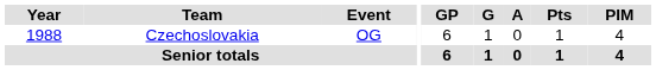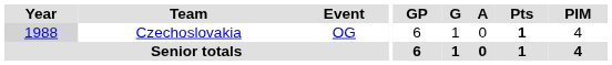 <table border="0" cellpadding="1" cellspacing="0" ID="Table3" style="text-align:center; width:40em">
 <tr ALIGN="center" bgcolor="#e0e0e0">
 <th>Year</th>
 <th>Team</th>
 <th>Event</th>
 <th rowspan="99" bgcolor="#ffffff"></th>
 <th>GP</th>
 <th>G</th>
 <th>A</th>
 <th>Pts</th>
 <th>PIM</th>
 </tr>
 <tr>
-<td><a href='#'>1988</a></td>
+<td style="background: lightgrey;"><a href='#'>1988</a></td>
 <td><a href='#'>Czechoslovakia</a></td>
 <td><a href='#'>OG</a></td>
 <td>6</td>
 <td>1</td>
 <td>0</td>
-<td>1</td>
+<td><strong>1</strong></td>
 <td>4</td>
 </tr>
 <tr bgcolor="#e0e0e0">
 <th colspan="3">Senior totals</th>
 <th>6</th>
 <th>1</th>
 <th>0</th>
 <th>1</th>
 <th>4</th>
 </tr>
 </table>
